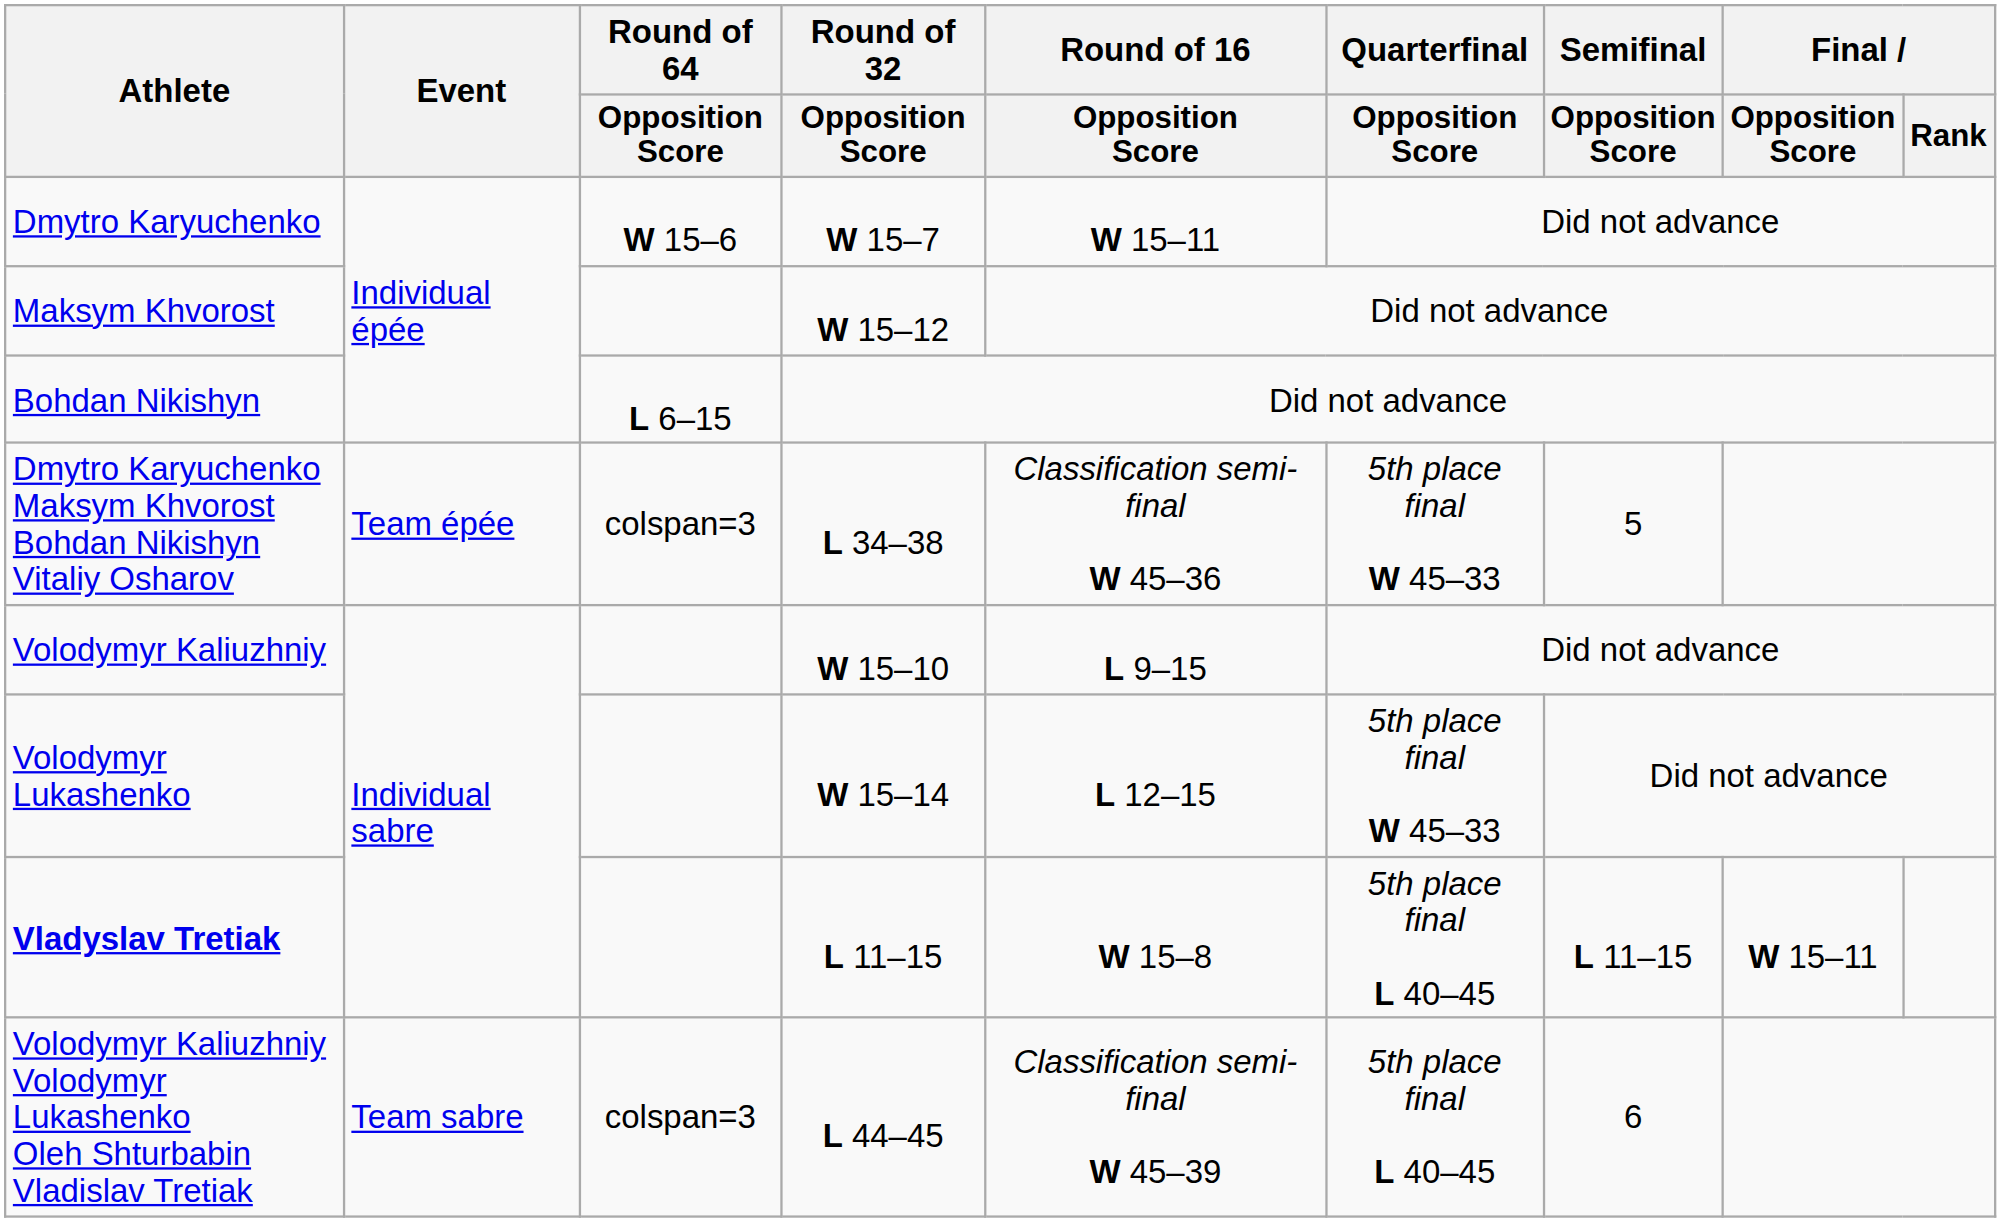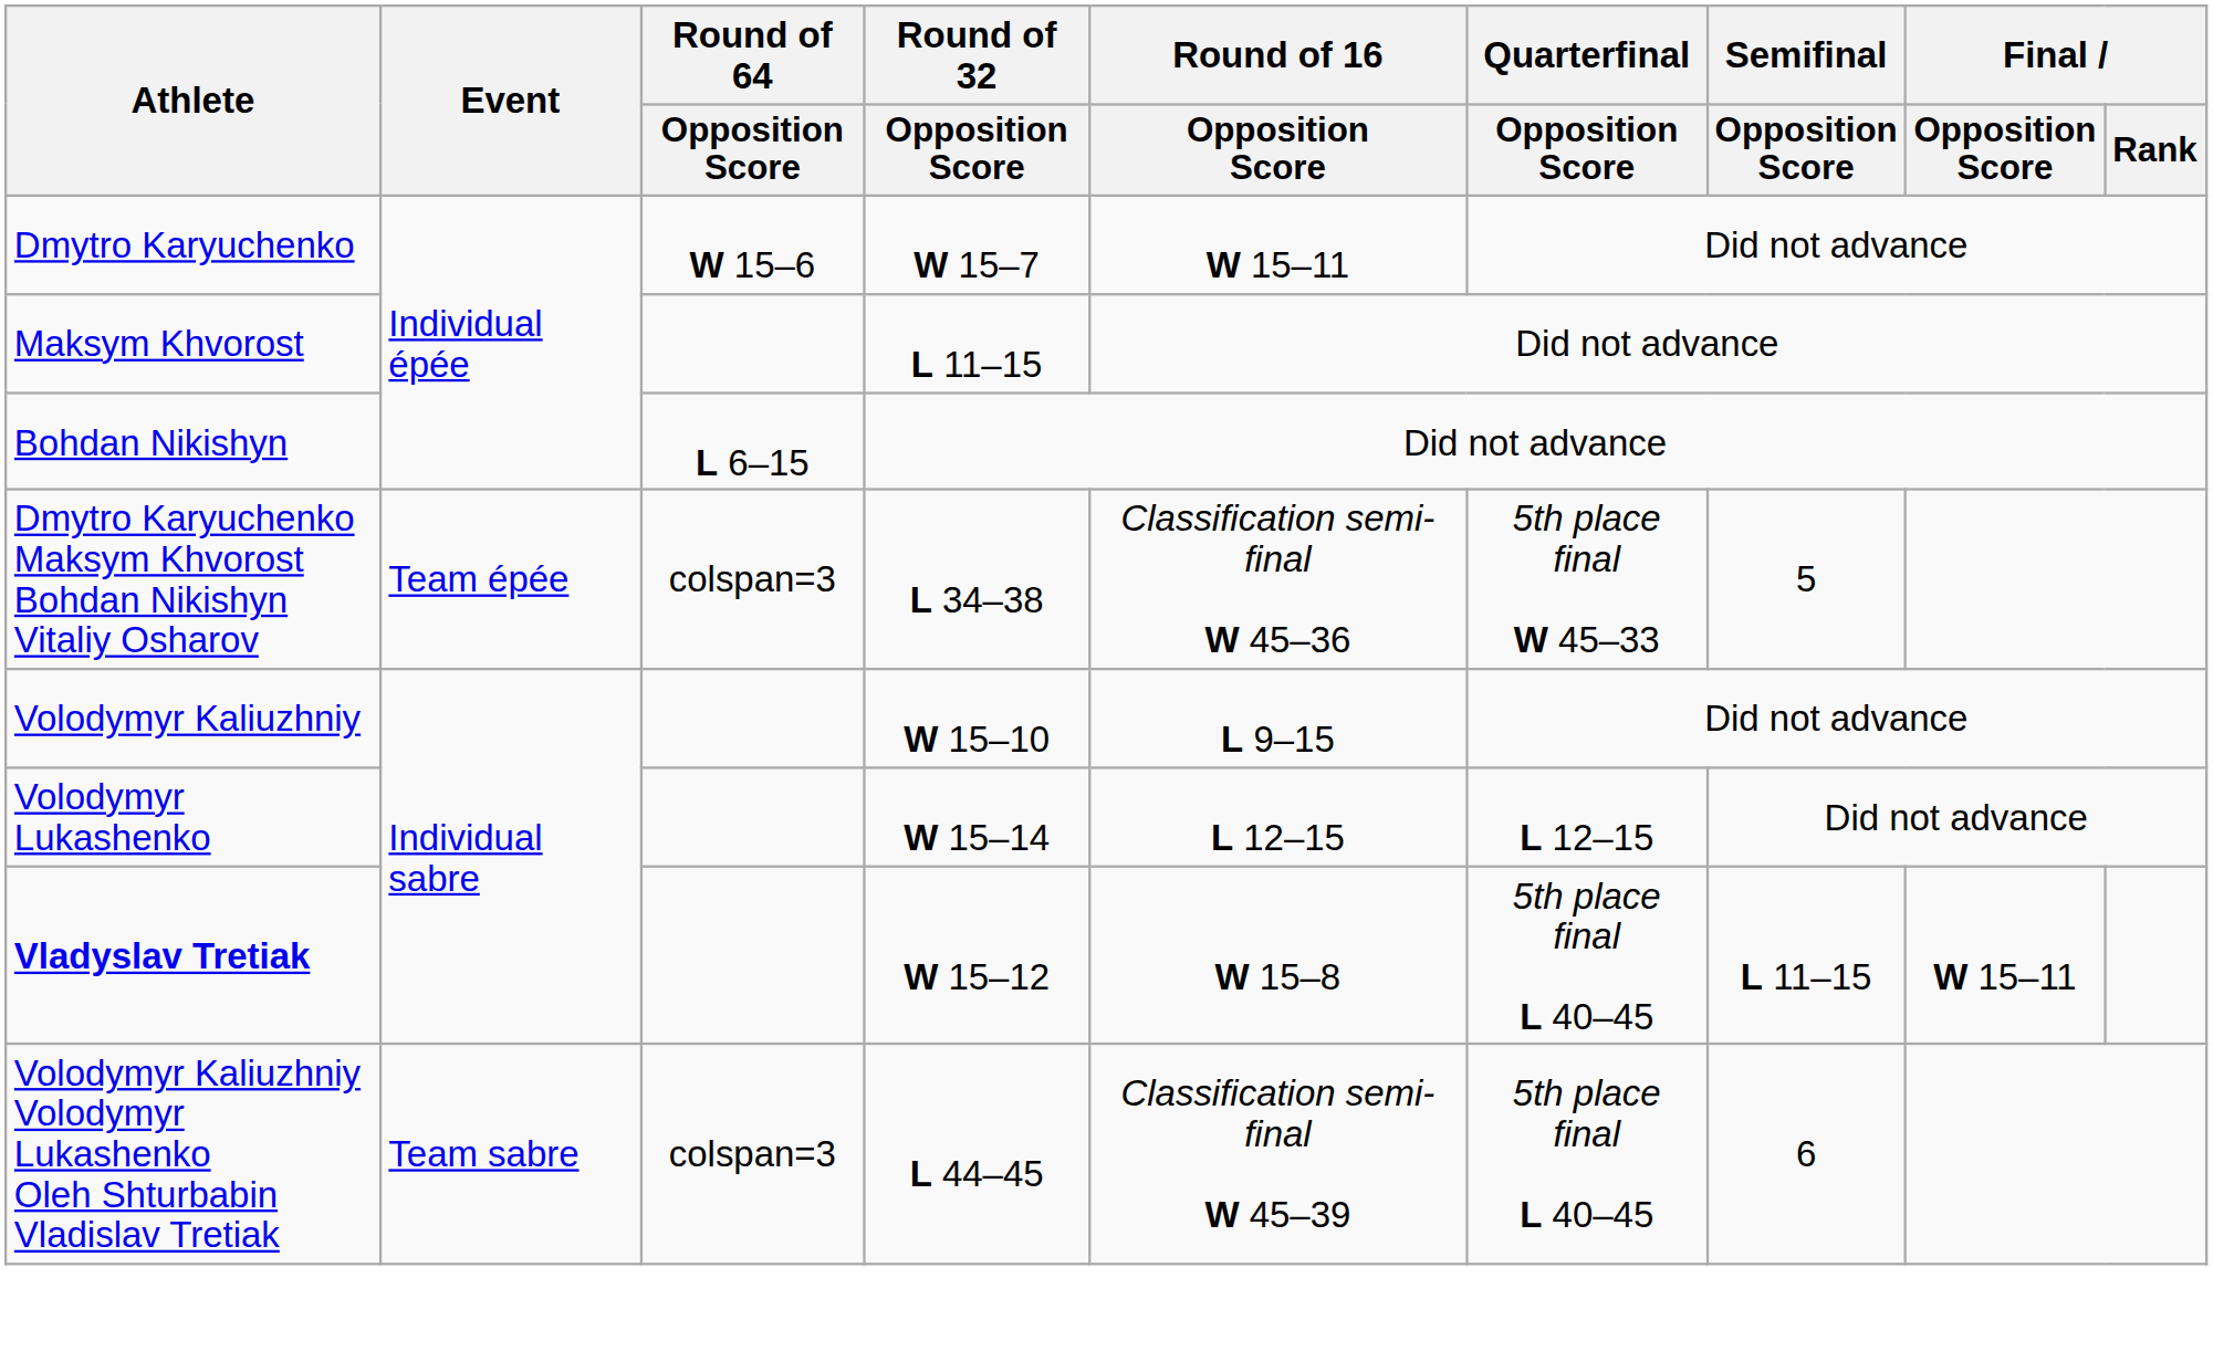 <table class="wikitable" style="font-size:90%">
 <tr>
 <th rowspan="2">Athlete</th>
 <th rowspan="2">Event</th>
 <th>Round of 64</th>
 <th>Round of 32</th>
 <th>Round of 16</th>
 <th>Quarterfinal</th>
 <th>Semifinal</th>
 <th colspan=2>Final / </th>
 </tr>
 <tr style="font-size:95%">
 <th>Opposition <br> Score</th>
 <th>Opposition <br> Score</th>
 <th>Opposition <br> Score</th>
 <th>Opposition <br> Score</th>
 <th>Opposition <br> Score</th>
 <th>Opposition <br> Score</th>
 <th>Rank</th>
 </tr>
 <tr align=center>
 <td align=left><a href='#'>Dmytro Karyuchenko</a></td>
 <td align=left rowspan=3><a href='#'>Individual épée</a></td>
 <td><br><strong>W</strong> 15–6</td>
 <td><br><strong>W</strong> 15–7</td>
 <td><br><strong>W</strong> 15–11</td>
 <td colspan=4>Did not advance</td>
 </tr>
 <tr align=center>
 <td align=left><a href='#'>Maksym Khvorost</a></td>
 <td></td>
-<td><br><strong>W</strong> 15–12</td>
+<td><br><strong>L</strong> 11–15</td>
 <td colspan=5>Did not advance</td>
 </tr>
 <tr align=center>
 <td align=left><a href='#'>Bohdan Nikishyn</a></td>
 <td><br><strong>L</strong> 6–15</td>
 <td colspan=6>Did not advance</td>
 </tr>
 <tr align=center>
 <td align=left><a href='#'>Dmytro Karyuchenko</a><br><a href='#'>Maksym Khvorost</a><br><a href='#'>Bohdan Nikishyn</a><br><a href='#'>Vitaliy Osharov</a></td>
 <td align=left><a href='#'>Team épée</a></td>
 <td>colspan=3 </td>
 <td><br><strong>L</strong> 34–38</td>
 <td><em>Classification semi-final</em><br><br><strong>W</strong> 45–36</td>
 <td><em>5th place final</em><br><br><strong>W</strong> 45–33</td>
 <td>5</td>
 </tr>
 <tr align=center>
 <td align=left><a href='#'>Volodymyr Kaliuzhniy</a></td>
 <td align=left rowspan=3><a href='#'>Individual sabre</a></td>
 <td></td>
 <td><br><strong>W</strong> 15–10</td>
 <td><br><strong>L</strong> 9–15</td>
 <td colspan=4>Did not advance</td>
 </tr>
 <tr align=center>
 <td align=left><a href='#'>Volodymyr Lukashenko</a></td>
 <td></td>
 <td><br><strong>W</strong> 15–14</td>
 <td><br><strong>L</strong> 12–15</td>
-<td><em>5th place final</em><br><br><strong>W</strong> 45–33</td>
+<td><br><strong>L</strong> 12–15</td>
 <td colspan=3>Did not advance</td>
 </tr>
 <tr align=center>
 <td align=left><strong><a href='#'>Vladyslav Tretiak</a></strong></td>
 <td></td>
-<td><br><strong>L</strong> 11–15</td>
+<td><br><strong>W</strong> 15–12</td>
 <td><br><strong>W</strong> 15–8</td>
 <td><em>5th place final</em><br><br><strong>L</strong> 40–45</td>
 <td><br><strong>L</strong> 11–15</td>
 <td><br><strong>W</strong> 15–11</td>
 <td></td>
 </tr>
 <tr align=center>
 <td align=left><a href='#'>Volodymyr Kaliuzhniy</a><br><a href='#'>Volodymyr Lukashenko</a><br><a href='#'>Oleh Shturbabin</a><br><a href='#'>Vladislav Tretiak</a></td>
 <td align=left><a href='#'>Team sabre</a></td>
 <td>colspan=3 </td>
 <td><br><strong>L</strong> 44–45</td>
 <td><em>Classification semi-final</em><br><br><strong>W</strong> 45–39</td>
 <td><em>5th place final</em><br><br><strong>L</strong> 40–45</td>
 <td>6</td>
 </tr>
 </table>
